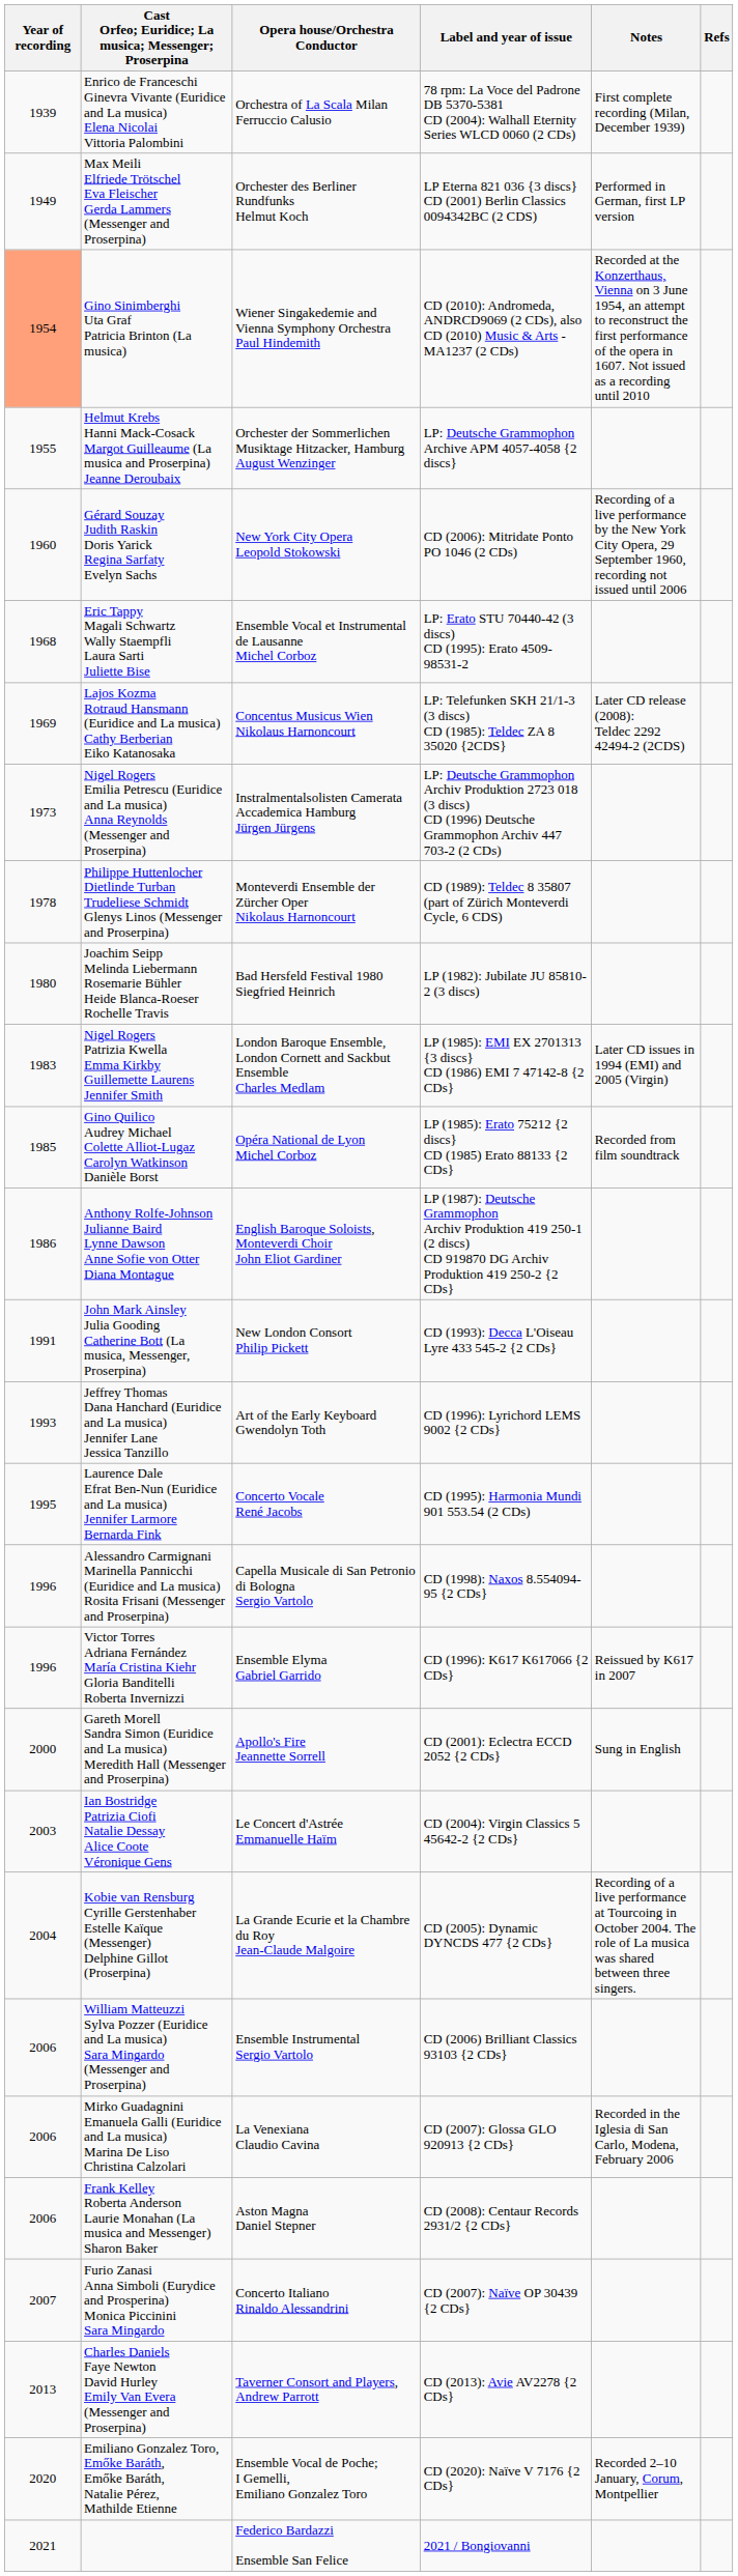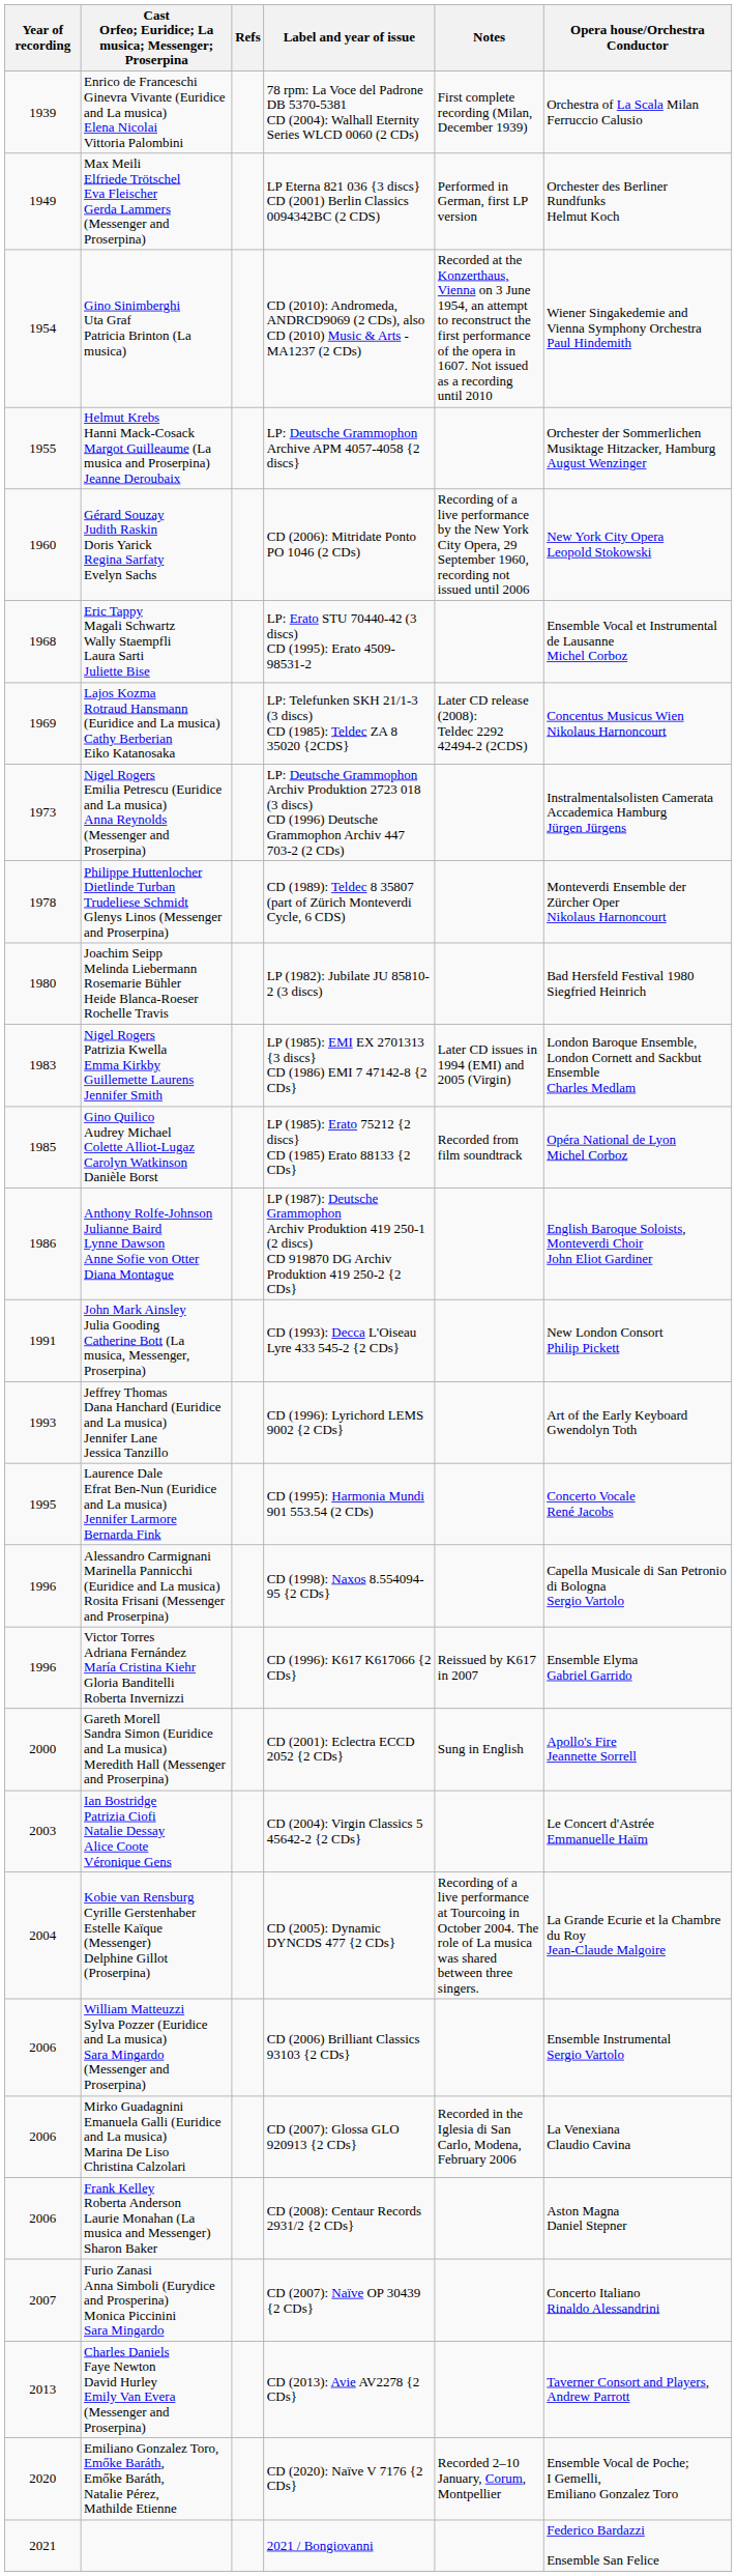 <table class= "wikitable">
 <tr>
 <th>Year of recording</th>
 <th>Cast<br>Orfeo; Euridice; La musica; Messenger; Proserpina</th>
-<th>Opera house/Orchestra<br>Conductor</th>
+<th>Refs</th>
 <th>Label and year of issue</th>
 <th width=15%>Notes</th>
-<th>Refs</th>
+<th>Opera house/Orchestra<br>Conductor</th>
 </tr>
 <tr>
 <td align= "center">1939</td>
 <td>Enrico de Franceschi<br>Ginevra Vivante (Euridice and La musica)<br> <a href='#'>Elena Nicolai</a> <br>Vittoria Palombini</td>
-<td>Orchestra of <a href='#'>La Scala</a> Milan<br>Ferruccio Calusio</td>
+<td><br> </td>
 <td>78 rpm: La Voce del Padrone DB 5370-5381<br>CD (2004):  Walhall Eternity Series WLCD 0060 (2 CDs)</td>
 <td>First complete recording (Milan, December 1939)</td>
-<td><br> </td>
+<td>Orchestra of <a href='#'>La Scala</a> Milan<br>Ferruccio Calusio</td>
 </tr>
 <tr>
 <td align= "center">1949</td>
 <td>Max Meili<br><a href='#'>Elfriede Trötschel</a><br><a href='#'>Eva Fleischer</a><br><a href='#'>Gerda Lammers</a> (Messenger and Proserpina)</td>
-<td>Orchester des Berliner Rundfunks<br> Helmut Koch</td>
+<td><br></td>
 <td>LP  Eterna 821 036 {3 discs}<br>CD (2001) Berlin Classics 0094342BC (2 CDS)</td>
 <td>Performed in German, first LP version</td>
-<td><br></td>
+<td>Orchester des Berliner Rundfunks<br> Helmut Koch</td>
 </tr>
 <tr>
-<td align= "center" style="background: lightsalmon;">1954</td>
+<td align= "center">1954</td>
 <td><a href='#'>Gino Sinimberghi</a><br>Uta Graf<br>Patricia Brinton (La musica)</td>
-<td>Wiener Singakedemie and Vienna Symphony Orchestra<br><a href='#'>Paul Hindemith</a></td>
+<td></td>
 <td>CD  (2010): Andromeda, ANDRCD9069 (2 CDs), also<br>CD (2010) <a href='#'>Music & Arts</a> - MA1237 (2 CDs)</td>
 <td>Recorded at the <a href='#'>Konzerthaus, Vienna</a> on 3 June 1954, an attempt to reconstruct the first performance of the opera in 1607. Not issued as a recording until 2010</td>
-<td></td>
+<td>Wiener Singakedemie and Vienna Symphony Orchestra<br><a href='#'>Paul Hindemith</a></td>
 </tr>
 <tr>
 <td align= "center">1955</td>
 <td><a href='#'>Helmut Krebs</a><br>Hanni Mack-Cosack<br> <a href='#'>Margot Guilleaume</a> (La musica and Proserpina)<br><a href='#'>Jeanne Deroubaix</a></td>
-<td>Orchester der Sommerlichen Musiktage Hitzacker, Hamburg<br><a href='#'>August Wenzinger</a></td>
+<td><br></td>
 <td>LP:  <a href='#'>Deutsche Grammophon</a><br> Archive APM 4057-4058 {2 discs}</td>
 <td></td>
-<td><br></td>
+<td>Orchester der Sommerlichen Musiktage Hitzacker, Hamburg<br><a href='#'>August Wenzinger</a></td>
 </tr>
 <tr>
 <td align= "center">1960</td>
 <td><a href='#'>Gérard Souzay</a><br><a href='#'>Judith Raskin</a><br>Doris Yarick<br><a href='#'>Regina Sarfaty</a><br> Evelyn Sachs</td>
-<td><a href='#'>New York City Opera</a><br><a href='#'>Leopold Stokowski</a></td>
+<td></td>
 <td>CD (2006): Mitridate Ponto PO 1046 (2 CDs)</td>
 <td>Recording of a live performance by the New York City Opera, 29 September 1960, recording not issued until 2006</td>
-<td></td>
+<td><a href='#'>New York City Opera</a><br><a href='#'>Leopold Stokowski</a></td>
 </tr>
 <tr>
 <td align= "center">1968</td>
 <td><a href='#'>Eric Tappy</a><br>Magali Schwartz<br>Wally Staempfli<br>Laura Sarti<br><a href='#'>Juliette Bise</a></td>
-<td>Ensemble Vocal et Instrumental de Lausanne<br><a href='#'>Michel Corboz</a></td>
+<td><br></td>
 <td>LP: <a href='#'>Erato</a> STU 70440-42 (3 discs)<br>CD (1995):  Erato 4509-98531-2</td>
 <td></td>
-<td><br></td>
+<td>Ensemble Vocal et Instrumental de Lausanne<br><a href='#'>Michel Corboz</a></td>
 </tr>
 <tr>
 <td align= "center">1969</td>
 <td><a href='#'>Lajos Kozma</a><br><a href='#'>Rotraud Hansmann</a> (Euridice and La musica)<br><a href='#'>Cathy Berberian</a><br> Eiko Katanosaka</td>
-<td><a href='#'>Concentus Musicus Wien</a><br><a href='#'>Nikolaus Harnoncourt</a></td>
+<td><br> </td>
 <td>LP: Telefunken  SKH 21/1-3 (3 discs)<br>CD (1985): <a href='#'>Teldec</a> ZA 8 35020 {2CDS}</td>
 <td>Later CD release (2008):<br> Teldec 2292 42494-2 (2CDS)</td>
-<td><br> </td>
+<td><a href='#'>Concentus Musicus Wien</a><br><a href='#'>Nikolaus Harnoncourt</a></td>
 </tr>
 <tr>
 <td align= "center">1973</td>
 <td><a href='#'>Nigel Rogers</a><br>Emilia Petrescu (Euridice and La musica)<br><a href='#'>Anna Reynolds</a> (Messenger and Proserpina)</td>
-<td>Instralmentalsolisten Camerata Accademica Hamburg<br><a href='#'>Jürgen Jürgens</a></td>
+<td></td>
 <td>LP: <a href='#'>Deutsche Grammophon</a><br> Archiv Produktion 2723 018 (3 discs)<br>CD (1996) Deutsche Grammophon Archiv 447 703-2 (2 CDs)</td>
 <td></td>
-<td></td>
+<td>Instralmentalsolisten Camerata Accademica Hamburg<br><a href='#'>Jürgen Jürgens</a></td>
 </tr>
 <tr>
 <td align= "center">1978</td>
 <td><a href='#'>Philippe Huttenlocher</a><br><a href='#'>Dietlinde Turban</a><br><a href='#'>Trudeliese Schmidt</a><br>Glenys Linos (Messenger and Proserpina)</td>
-<td>Monteverdi Ensemble der Zürcher Oper<br><a href='#'>Nikolaus Harnoncourt</a></td>
+<td></td>
 <td>CD (1989): <a href='#'>Teldec</a> 8 35807<br> (part of Zürich Monteverdi Cycle, 6 CDS)</td>
 <td></td>
-<td></td>
+<td>Monteverdi Ensemble der Zürcher Oper<br><a href='#'>Nikolaus Harnoncourt</a></td>
 </tr>
 <tr>
 <td align= "center">1980</td>
 <td>Joachim Seipp<br>Melinda Liebermann<br>Rosemarie Bühler<br> Heide Blanca-Roeser<br>Rochelle Travis</td>
-<td>Bad Hersfeld Festival 1980<br>Siegfried Heinrich</td>
+<td><br></td>
 <td>LP (1982): Jubilate JU 85810-2 (3 discs)</td>
 <td></td>
-<td><br></td>
+<td>Bad Hersfeld Festival 1980<br>Siegfried Heinrich</td>
 </tr>
 <tr>
 <td align= "center">1983</td>
 <td><a href='#'>Nigel Rogers</a><br>Patrizia Kwella<br><a href='#'>Emma Kirkby</a><br><a href='#'>Guillemette Laurens</a><br><a href='#'>Jennifer Smith</a></td>
-<td>London Baroque Ensemble,<br> London Cornett and Sackbut Ensemble<br><a href='#'>Charles Medlam</a></td>
+<td><br> </td>
 <td>LP (1985): <a href='#'>EMI</a> EX 2701313 {3 discs}<br>CD (1986) EMI 7 47142-8 {2 CDs}</td>
 <td>Later CD issues in 1994 (EMI) and 2005 (Virgin)</td>
-<td><br> </td>
+<td>London Baroque Ensemble,<br> London Cornett and Sackbut Ensemble<br><a href='#'>Charles Medlam</a></td>
 </tr>
 <tr>
 <td align= "center">1985</td>
 <td><a href='#'>Gino Quilico</a><br>Audrey Michael<br><a href='#'>Colette Alliot-Lugaz</a><br><a href='#'>Carolyn Watkinson</a><br>Danièle Borst</td>
-<td><a href='#'>Opéra National de Lyon</a><br><a href='#'>Michel Corboz</a></td>
+<td></td>
 <td>LP (1985): <a href='#'>Erato</a> 75212 {2 discs}<br>CD (1985) Erato 88133 {2 CDs}</td>
 <td>Recorded from film soundtrack</td>
-<td></td>
+<td><a href='#'>Opéra National de Lyon</a><br><a href='#'>Michel Corboz</a></td>
 </tr>
 <tr>
 <td align= "center">1986</td>
 <td><a href='#'>Anthony Rolfe-Johnson</a><br><a href='#'>Julianne Baird</a><br><a href='#'>Lynne Dawson</a><br><a href='#'>Anne Sofie von Otter</a><br><a href='#'>Diana Montague</a></td>
-<td><a href='#'>English Baroque Soloists</a>, <a href='#'>Monteverdi Choir</a><br><a href='#'>John Eliot Gardiner</a></td>
+<td><br></td>
 <td>LP (1987): <a href='#'>Deutsche Grammophon</a><br> Archiv Produktion 419 250-1 (2 discs)<br>CD 919870 DG Archiv Produktion 419 250-2 {2 CDs}</td>
 <td></td>
-<td><br></td>
+<td><a href='#'>English Baroque Soloists</a>, <a href='#'>Monteverdi Choir</a><br><a href='#'>John Eliot Gardiner</a></td>
 </tr>
 <tr>
 <td align= "center">1991</td>
 <td><a href='#'>John Mark Ainsley</a><br>Julia Gooding<br><a href='#'>Catherine Bott</a> (La musica, Messenger, Proserpina)</td>
-<td>New London Consort<br><a href='#'>Philip Pickett</a></td>
+<td><br></td>
 <td>CD (1993): <a href='#'>Decca</a> L'Oiseau Lyre 433 545-2 {2 CDs}</td>
 <td></td>
-<td><br></td>
+<td>New London Consort<br><a href='#'>Philip Pickett</a></td>
 </tr>
 <tr>
 <td align= "center">1993</td>
 <td>Jeffrey Thomas<br>Dana Hanchard (Euridice and La musica)<br>Jennifer Lane<br>Jessica Tanzillo</td>
-<td>Art of the Early Keyboard<br>Gwendolyn Toth</td>
+<td></td>
 <td>CD (1996): Lyrichord LEMS 9002 {2 CDs}</td>
 <td></td>
-<td></td>
+<td>Art of the Early Keyboard<br>Gwendolyn Toth</td>
 </tr>
 <tr>
 <td align= "center">1995</td>
 <td>Laurence Dale<br>Efrat Ben-Nun (Euridice and La musica)<br><a href='#'>Jennifer Larmore</a><br> <a href='#'>Bernarda Fink</a></td>
-<td><a href='#'>Concerto Vocale</a><br><a href='#'>René Jacobs</a></td>
+<td><br></td>
 <td>CD (1995): <a href='#'>Harmonia Mundi</a> 901 553.54 (2 CDs)</td>
 <td></td>
-<td><br></td>
+<td><a href='#'>Concerto Vocale</a><br><a href='#'>René Jacobs</a></td>
 </tr>
 <tr>
 <td align= "center">1996</td>
 <td>Alessandro Carmignani<br>Marinella Pannicchi (Euridice and La musica)<br>Rosita Frisani (Messenger and Proserpina)</td>
-<td>Capella Musicale di San Petronio di Bologna<br><a href='#'>Sergio Vartolo</a></td>
+<td></td>
 <td>CD (1998): <a href='#'>Naxos</a> 8.554094-95 {2 CDs}</td>
 <td></td>
-<td></td>
+<td>Capella Musicale di San Petronio di Bologna<br><a href='#'>Sergio Vartolo</a></td>
 </tr>
 <tr>
 <td align= "center">1996</td>
 <td>Victor Torres<br>Adriana Fernández<br><a href='#'>María Cristina Kiehr</a><br>Gloria Banditelli<br>Roberta Invernizzi</td>
-<td>Ensemble Elyma<br><a href='#'>Gabriel Garrido</a></td>
+<td><br></td>
 <td>CD (1996):  K617 K617066 {2 CDs}</td>
 <td>Reissued by K617 in 2007</td>
-<td><br></td>
+<td>Ensemble Elyma<br><a href='#'>Gabriel Garrido</a></td>
 </tr>
 <tr>
 <td align= "center">2000</td>
 <td>Gareth Morell<br>Sandra Simon (Euridice and La musica)<br>Meredith Hall (Messenger and Proserpina)</td>
-<td><a href='#'>Apollo's Fire</a><br><a href='#'>Jeannette Sorrell</a></td>
+<td></td>
 <td>CD (2001): Eclectra ECCD 2052 {2 CDs}</td>
 <td>Sung in English</td>
-<td></td>
+<td><a href='#'>Apollo's Fire</a><br><a href='#'>Jeannette Sorrell</a></td>
 </tr>
 <tr>
 <td align= "center">2003</td>
 <td><a href='#'>Ian Bostridge</a><br><a href='#'>Patrizia Ciofi</a><br><a href='#'>Natalie Dessay</a><br><a href='#'>Alice Coote</a><br><a href='#'>Véronique Gens</a></td>
-<td>Le Concert d'Astrée<br><a href='#'>Emmanuelle Haïm</a></td>
+<td><br> </td>
 <td>CD (2004): Virgin Classics 5 45642-2 {2 CDs}</td>
 <td></td>
-<td><br> </td>
+<td>Le Concert d'Astrée<br><a href='#'>Emmanuelle Haïm</a></td>
 </tr>
 <tr>
 <td align= "center">2004</td>
 <td><a href='#'>Kobie van Rensburg</a><br>Cyrille Gerstenhaber<br>Estelle Kaïque (Messenger)<br>Delphine Gillot (Proserpina)</td>
-<td>La Grande Ecurie et la Chambre du Roy<br><a href='#'>Jean-Claude Malgoire</a></td>
+<td></td>
 <td>CD (2005): Dynamic DYNCDS 477 {2 CDs}</td>
 <td>Recording of a live performance at Tourcoing in October 2004. The role of La musica was shared between three singers.</td>
-<td></td>
+<td>La Grande Ecurie et la Chambre du Roy<br><a href='#'>Jean-Claude Malgoire</a></td>
 </tr>
 <tr>
 <td align= "center">2006</td>
 <td><a href='#'>William Matteuzzi</a><br>Sylva Pozzer (Euridice and La musica)<br><a href='#'>Sara Mingardo</a> (Messenger and Proserpina)</td>
-<td>Ensemble Instrumental<br> <a href='#'>Sergio Vartolo</a></td>
+<td></td>
 <td>CD (2006) Brilliant Classics 93103 {2 CDs}</td>
 <td></td>
-<td></td>
+<td>Ensemble Instrumental<br> <a href='#'>Sergio Vartolo</a></td>
 </tr>
 <tr>
 <td align= "center">2006</td>
 <td>Mirko Guadagnini<br>Emanuela Galli (Euridice and La musica)<br>Marina De Liso<br>Christina Calzolari</td>
-<td>La Venexiana<br>Claudio Cavina</td>
+<td></td>
 <td>CD (2007): Glossa GLO 920913 {2 CDs}</td>
 <td>Recorded in the Iglesia di San Carlo, Modena, February 2006</td>
-<td></td>
+<td>La Venexiana<br>Claudio Cavina</td>
 </tr>
 <tr>
 <td align= "center">2006</td>
 <td><a href='#'>Frank Kelley</a><br>Roberta Anderson<br>Laurie Monahan (La musica and Messenger)<br>Sharon Baker</td>
-<td>Aston Magna<br>Daniel Stepner</td>
+<td></td>
 <td>CD (2008): Centaur Records 2931/2 {2 CDs}</td>
 <td></td>
-<td></td>
+<td>Aston Magna<br>Daniel Stepner</td>
 </tr>
 <tr>
 <td align= "center">2007</td>
 <td>Furio Zanasi<br>Anna Simboli (Eurydice and Prosperina)<br>Monica Piccinini<br><a href='#'>Sara Mingardo</a></td>
-<td>Concerto Italiano<br><a href='#'>Rinaldo Alessandrini</a></td>
+<td></td>
 <td>CD  (2007): <a href='#'>Naïve</a> OP 30439 {2 CDs}</td>
 <td></td>
-<td></td>
+<td>Concerto Italiano<br><a href='#'>Rinaldo Alessandrini</a></td>
 </tr>
 <tr>
 <td align= "center">2013</td>
 <td><a href='#'>Charles Daniels</a><br>Faye Newton<br>David Hurley<br><a href='#'>Emily Van Evera</a> (Messenger and Proserpina)</td>
-<td><a href='#'>Taverner Consort and Players</a>, <a href='#'>Andrew Parrott</a><br></td>
+<td></td>
 <td>CD  (2013): <a href='#'>Avie</a> AV2278 {2 CDs}</td>
 <td></td>
-<td></td>
+<td><a href='#'>Taverner Consort and Players</a>, <a href='#'>Andrew Parrott</a><br></td>
 </tr>
 <tr>
 <td align= "center">2020</td>
 <td>Emiliano Gonzalez Toro,<br><a href='#'>Emőke Baráth</a>,<br>Emőke Baráth,<br>Natalie Pérez,<br>Mathilde Etienne</td>
-<td>Ensemble Vocal de Poche;<br>I Gemelli,<br>Emiliano Gonzalez Toro</td>
+<td></td>
 <td>CD  (2020): Naïve V 7176 {2 CDs}</td>
 <td>Recorded 2–10 January, <a href='#'>Corum</a>, Montpellier</td>
-<td></td>
+<td>Ensemble Vocal de Poche;<br>I Gemelli,<br>Emiliano Gonzalez Toro</td>
 </tr>
 <tr>
 <td align= "center">2021</td>
 <td></td>
-<td><a href='#'>Federico Bardazzi</a><br><br>Ensemble San Felice</td>
+<td></td>
 <td><a href='#'>2021 / Bongiovanni</a></td>
 <td></td>
-<td></td>
+<td><a href='#'>Federico Bardazzi</a><br><br>Ensemble San Felice</td>
 </tr>
 </table>
